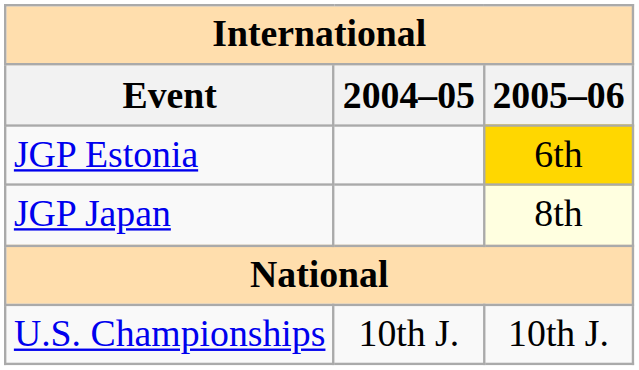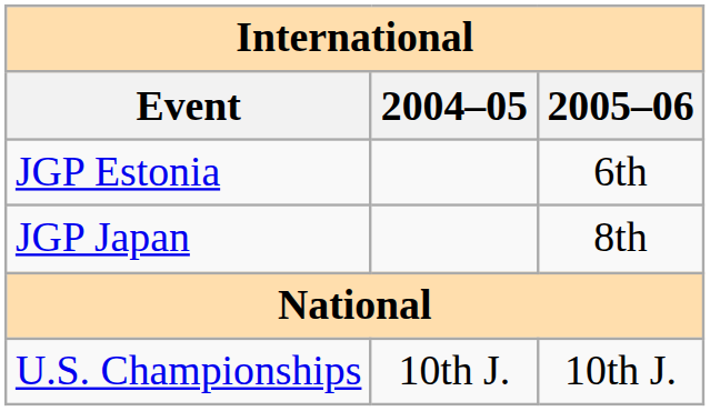 <table class="wikitable" style="text-align:center">
 <tr>
 <th style="background-color: #ffdead; " colspan=3 align=center><strong>International</strong></th>
 </tr>
 <tr>
 <th>Event</th>
 <th>2004–05</th>
 <th>2005–06</th>
 </tr>
 <tr>
 <td align=left><a href='#'>JGP Estonia</a></td>
 <td></td>
-<td style="background: gold;">6th</td>
+<td>6th</td>
 </tr>
 <tr>
 <td align=left><a href='#'>JGP Japan</a></td>
 <td></td>
-<td style="background: lightyellow;">8th</td>
+<td>8th</td>
 </tr>
 <tr>
 <th style="background-color: #ffdead; " colspan=3 align=center><strong>National</strong></th>
 </tr>
 <tr>
 <td align=left><a href='#'>U.S. Championships</a></td>
 <td>10th J.</td>
 <td>10th J.</td>
 </tr>
 </table>
